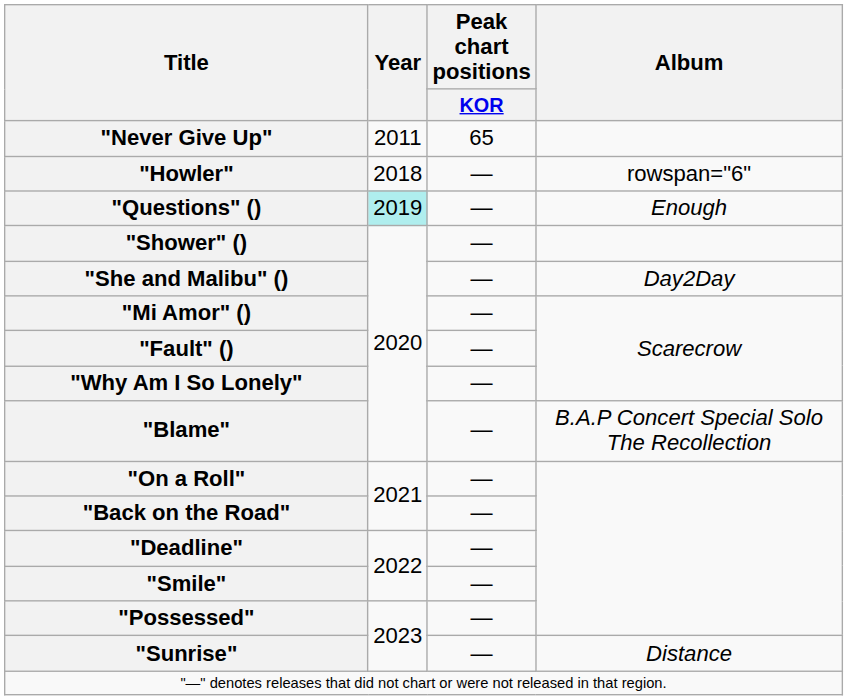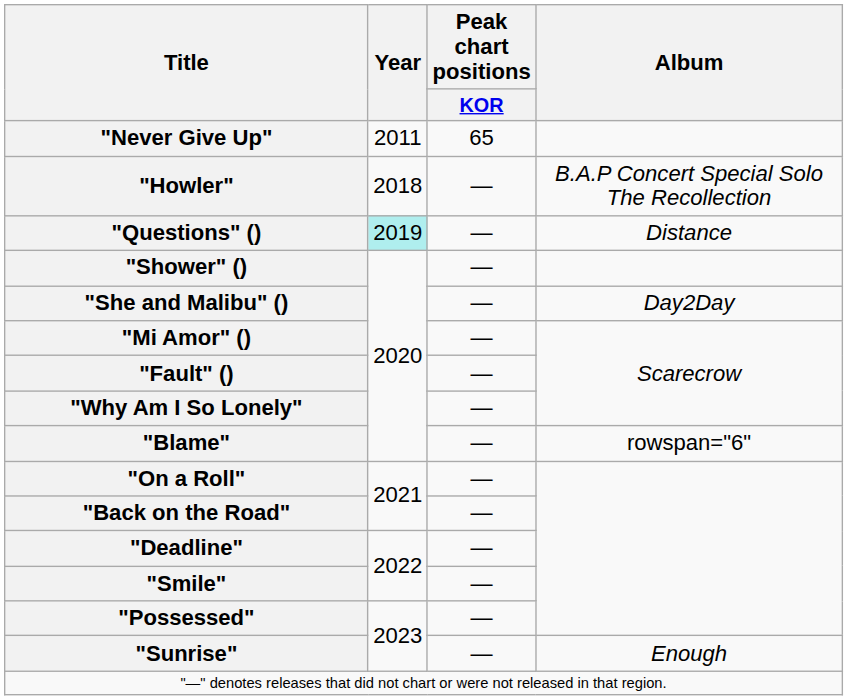 <table class="wikitable plainrowheaders" style="text-align:center;">
 <tr>
 <th scope="col" rowspan="2" style="width:16em;">Title</th>
 <th scope="col" rowspan="2">Year</th>
 <th scope="col">Peak chart positions</th>
 <th scope="col" rowspan="2">Album</th>
 </tr>
 <tr>
 <th scope="col" style="width:2.2em;font-size:90%;"><a href='#'>KOR</a><br></th>
 </tr>
 <tr>
 <th scope="row">"Never Give Up"<br></th>
 <td>2011</td>
 <td>65</td>
 <td></td>
 </tr>
 <tr>
 <th scope="row">"Howler"</th>
 <td>2018</td>
 <td>—</td>
-<td>rowspan="6" </td>
+<td><em>B.A.P Concert Special Solo The Recollection</em></td>
 </tr>
 <tr>
 <th scope="row">"Questions" ()</th>
 <td style="background: paleturquoise;">2019</td>
 <td>—</td>
-<td><em>Enough</em></td>
+<td><em>Distance</em></td>
 </tr>
 <tr>
 <th scope="row">"Shower" ()<br></th>
 <td rowspan="6">2020</td>
 <td>—</td>
 <td></td>
 </tr>
 <tr>
 <th scope="row">"She and Malibu" ()</th>
 <td>—</td>
 <td><em>Day2Day</em></td>
 </tr>
 <tr>
 <th scope="row">"Mi Amor" ()</th>
 <td>—</td>
 <td rowspan="3"><em>Scarecrow</em></td>
 </tr>
 <tr>
 <th scope="row">"Fault" ()</th>
 <td>—</td>
 </tr>
 <tr>
 <th scope="row">"Why Am I So Lonely"</th>
 <td>—</td>
 </tr>
 <tr>
 <th scope="row">"Blame"<br></th>
 <td>—</td>
-<td><em>B.A.P Concert Special Solo The Recollection</em></td>
+<td>rowspan="6" </td>
 </tr>
 <tr>
 <th scope="row">"On a Roll"</th>
 <td rowspan="2">2021</td>
 <td>—</td>
 </tr>
 <tr>
 <th scope="row">"Back on the Road"</th>
 <td>—</td>
 </tr>
 <tr>
 <th scope="row">"Deadline"</th>
 <td rowspan="2">2022</td>
 <td>—</td>
 </tr>
 <tr>
 <th scope="row">"Smile"</th>
 <td>—</td>
 </tr>
 <tr>
 <th scope="row">"Possessed"</th>
 <td rowspan="2">2023</td>
 <td>—</td>
 </tr>
 <tr>
 <th scope="row">"Sunrise"</th>
 <td>—</td>
-<td><em>Distance</em></td>
+<td><em>Enough</em></td>
 </tr>
 <tr>
 <td colspan="4" style="text-align:center; font-size:8pt;">"—" denotes releases that did not chart or were not released in that region.</td>
 </tr>
 </table>
